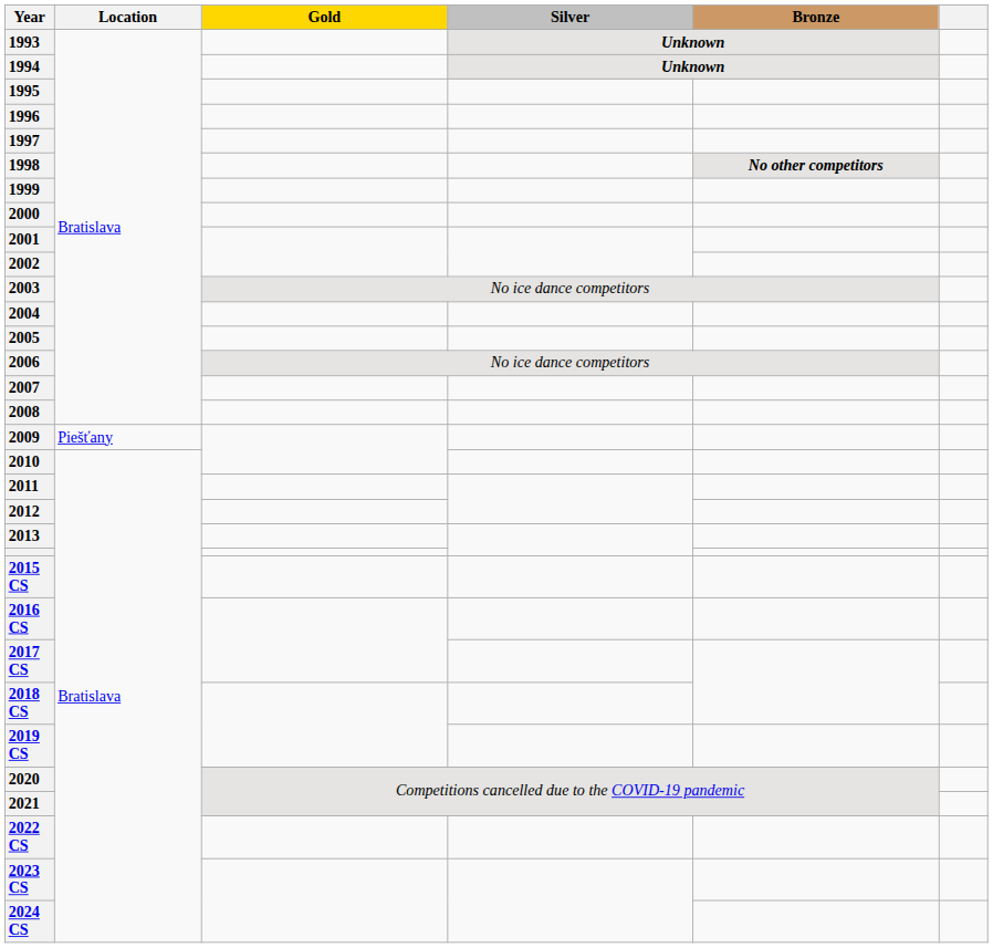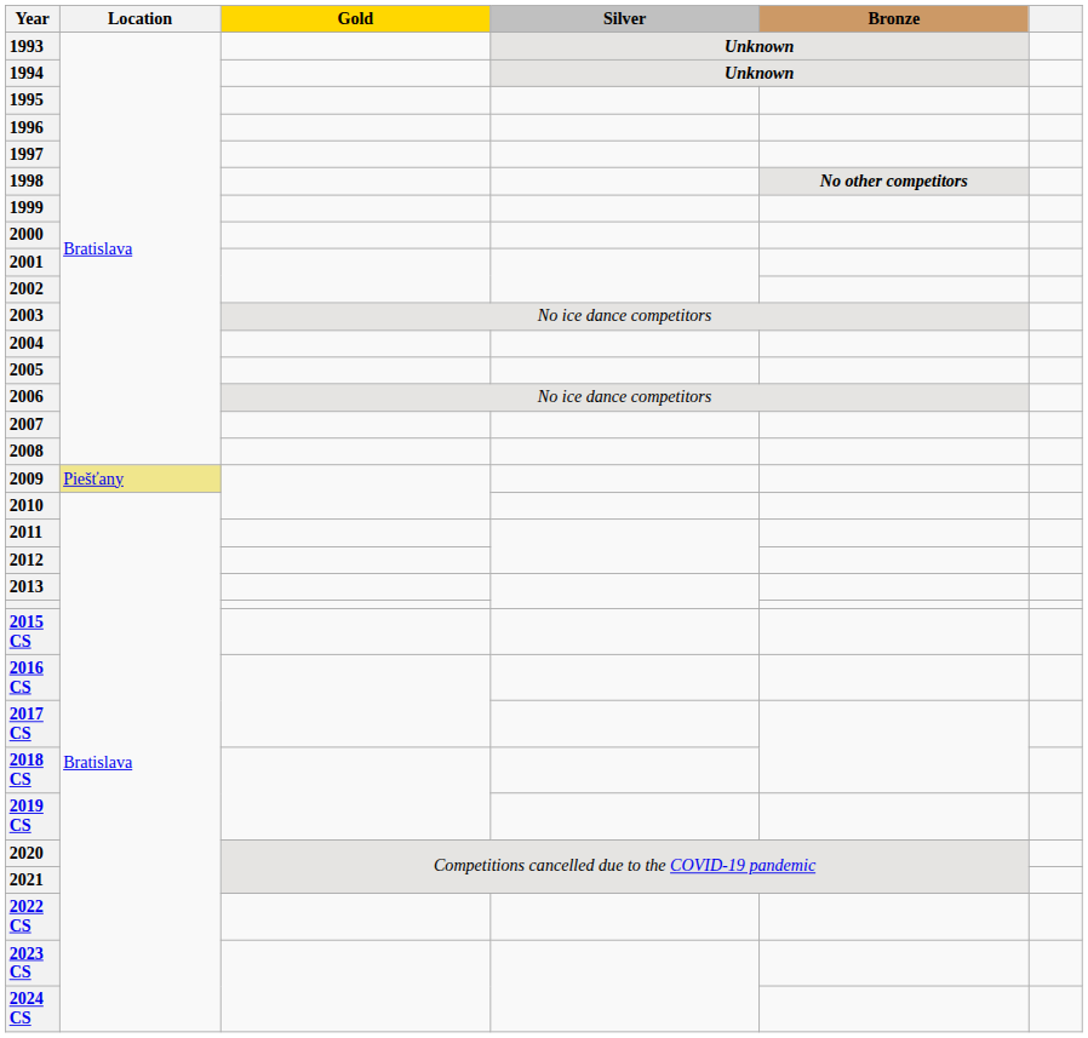 <table class="wikitable unsortable" style="text-align:left; width:80%">
 <tr>
 <th scope="col" style="text-align:center; width:5%">Year</th>
 <th scope="col" style="text-align:center; width:15%">Location</th>
 <th scope="col" style="text-align:center; width:25%; background:gold">Gold</th>
 <th scope="col" style="text-align:center; width:25%; background:silver">Silver</th>
 <th scope="col" style="text-align:center; width:25%; background:#c96">Bronze</th>
 <th scope="col" style="text-align:center; width:5%"></th>
 </tr>
 <tr>
 <th scope="row" style="text-align:left">1993</th>
 <td rowspan="16"><a href='#'>Bratislava</a></td>
 <td></td>
 <td colspan="2" align="center" bgcolor="e5e4e2"><strong><em>Unknown</em></strong></td>
 <td></td>
 </tr>
 <tr>
 <th scope="row" style="text-align:left">1994</th>
 <td></td>
 <td colspan="2" align="center" bgcolor="e5e4e2"><strong><em>Unknown</em></strong></td>
 <td></td>
 </tr>
 <tr>
 <th scope="row" style="text-align:left">1995</th>
 <td></td>
 <td></td>
 <td></td>
 <td></td>
 </tr>
 <tr>
 <th scope="row" style="text-align:left">1996</th>
 <td></td>
 <td></td>
 <td></td>
 <td></td>
 </tr>
 <tr>
 <th scope="row" style="text-align:left">1997</th>
 <td></td>
 <td></td>
 <td></td>
 <td></td>
 </tr>
 <tr>
 <th scope="row" style="text-align:left">1998</th>
 <td></td>
 <td></td>
 <td align="center" bgcolor="e5e4e2"><strong><em>No other competitors</em></strong></td>
 <td></td>
 </tr>
 <tr>
 <th scope="row" style="text-align:left">1999</th>
 <td></td>
 <td></td>
 <td></td>
 <td></td>
 </tr>
 <tr>
 <th scope="row" style="text-align:left">2000</th>
 <td></td>
 <td></td>
 <td></td>
 <td></td>
 </tr>
 <tr>
 <th scope="row" style="text-align:left">2001</th>
 <td rowspan="2"></td>
 <td rowspan="2"></td>
 <td></td>
 <td></td>
 </tr>
 <tr>
 <th scope="row" style="text-align:left">2002</th>
 <td></td>
 <td></td>
 </tr>
 <tr>
 <th scope="row" style="text-align:left">2003</th>
 <td colspan="3" align="center" bgcolor="e5e4e2"><em>No ice dance competitors</em></td>
 <td></td>
 </tr>
 <tr>
 <th scope="row" style="text-align:left">2004</th>
 <td></td>
 <td></td>
 <td></td>
 <td></td>
 </tr>
 <tr>
 <th scope="row" style="text-align:left">2005</th>
 <td></td>
 <td></td>
 <td></td>
 <td></td>
 </tr>
 <tr>
 <th scope="row" style="text-align:left">2006</th>
 <td colspan="3" align="center" bgcolor="e5e4e2"><em>No ice dance competitors</em></td>
 <td></td>
 </tr>
 <tr>
 <th scope="row" style="text-align:left">2007</th>
 <td></td>
 <td></td>
 <td></td>
 <td></td>
 </tr>
 <tr>
 <th scope="row" style="text-align:left">2008</th>
 <td></td>
 <td></td>
 <td></td>
 <td></td>
 </tr>
 <tr>
 <th scope="row" style="text-align:left">2009</th>
-<td><a href='#'>Piešťany</a></td>
+<td style="background: khaki;"><a href='#'>Piešťany</a></td>
 <td rowspan="2"></td>
 <td></td>
 <td></td>
 <td></td>
 </tr>
 <tr>
 <th scope="row" style="text-align:left">2010</th>
 <td rowspan="15"><a href='#'>Bratislava</a></td>
 <td></td>
 <td></td>
 <td></td>
 </tr>
 <tr>
 <th scope="row" style="text-align:left">2011</th>
 <td></td>
 <td rowspan="2"></td>
 <td></td>
 <td></td>
 </tr>
 <tr>
 <th scope="row" style="text-align:left">2012</th>
 <td></td>
 <td></td>
 <td></td>
 </tr>
 <tr>
 <th scope="row" style="text-align:left">2013</th>
 <td></td>
 <td rowspan="2"></td>
 <td></td>
 <td></td>
 </tr>
 <tr>
 <th scope="row" style="text-align:left"></th>
 <td></td>
 <td></td>
 <td></td>
 </tr>
 <tr>
 <th scope="row" style="text-align:left"><a href='#'>2015 CS</a></th>
 <td></td>
 <td></td>
 <td></td>
 <td></td>
 </tr>
 <tr>
 <th scope="row" style="text-align:left"><a href='#'>2016 CS</a></th>
 <td rowspan="2"></td>
 <td></td>
 <td></td>
 <td></td>
 </tr>
 <tr>
 <th scope="row" style="text-align:left"><a href='#'>2017 CS</a></th>
 <td></td>
 <td rowspan="2"></td>
 <td></td>
 </tr>
 <tr>
 <th scope="row" style="text-align:left"><a href='#'>2018 CS</a></th>
 <td rowspan="2"></td>
 <td></td>
 <td></td>
 </tr>
 <tr>
 <th scope="row" style="text-align:left"><a href='#'>2019 CS</a></th>
 <td></td>
 <td></td>
 <td></td>
 </tr>
 <tr>
 <th scope="row" style="text-align:left">2020</th>
 <td colspan="3" rowspan="2" align="center" bgcolor="e5e4e2"><em>Competitions cancelled due to the <a href='#'>COVID-19 pandemic</a></em></td>
 <td></td>
 </tr>
 <tr>
 <th scope="row" style="text-align:left">2021</th>
 <td></td>
 </tr>
 <tr>
 <th scope="row" style="text-align:left"><a href='#'>2022 CS</a></th>
 <td></td>
 <td></td>
 <td></td>
 <td></td>
 </tr>
 <tr>
 <th scope="row" style="text-align:left"><a href='#'>2023 CS</a></th>
 <td rowspan="2"></td>
 <td rowspan="2"></td>
 <td></td>
 <td></td>
 </tr>
 <tr>
 <th scope="row" style="text-align:left"><a href='#'>2024 CS</a></th>
 <td></td>
 <td></td>
 </tr>
 </table>
